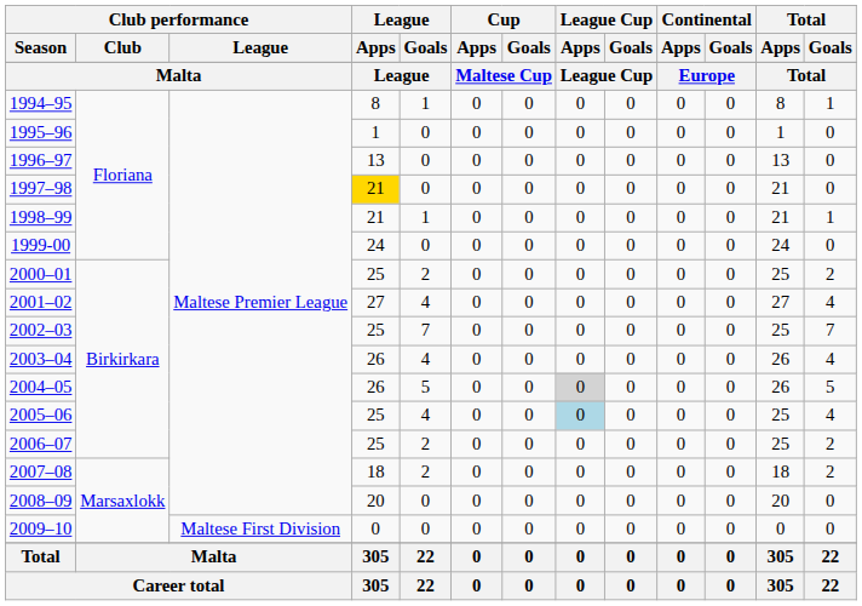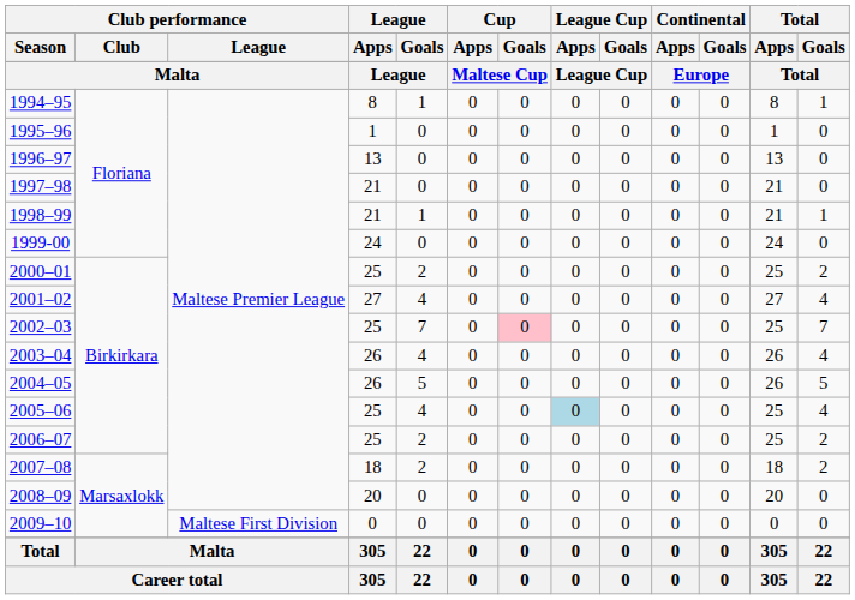 <table class="wikitable" style="text-align:center">
 <tr>
 <th colspan=3>Club performance</th>
 <th colspan=2>League</th>
 <th colspan=2>Cup</th>
 <th colspan=2>League Cup</th>
 <th colspan=2>Continental</th>
 <th colspan=2>Total</th>
 </tr>
 <tr>
 <th>Season</th>
 <th>Club</th>
 <th>League</th>
 <th>Apps</th>
 <th>Goals</th>
 <th>Apps</th>
 <th>Goals</th>
 <th>Apps</th>
 <th>Goals</th>
 <th>Apps</th>
 <th>Goals</th>
 <th>Apps</th>
 <th>Goals</th>
 </tr>
 <tr>
 </tr>
 <tr>
 <th colspan=3>Malta</th>
 <th colspan=2>League</th>
 <th colspan=2><a href='#'>Maltese Cup</a></th>
 <th colspan=2>League Cup</th>
 <th colspan=2><a href='#'>Europe</a></th>
 <th colspan=2>Total</th>
 </tr>
 <tr>
 <td><a href='#'>1994–95</a></td>
 <td rowspan="6"><a href='#'>Floriana</a></td>
 <td rowspan="15"><a href='#'>Maltese Premier League</a></td>
 <td>8</td>
 <td>1</td>
 <td>0</td>
 <td>0</td>
 <td>0</td>
 <td>0</td>
 <td>0</td>
 <td>0</td>
 <td>8</td>
 <td>1</td>
 </tr>
 <tr>
 <td><a href='#'>1995–96</a></td>
 <td>1</td>
 <td>0</td>
 <td>0</td>
 <td>0</td>
 <td>0</td>
 <td>0</td>
 <td>0</td>
 <td>0</td>
 <td>1</td>
 <td>0</td>
 </tr>
 <tr>
 <td><a href='#'>1996–97</a></td>
 <td>13</td>
 <td>0</td>
 <td>0</td>
 <td>0</td>
 <td>0</td>
 <td>0</td>
 <td>0</td>
 <td>0</td>
 <td>13</td>
 <td>0</td>
 </tr>
 <tr>
 <td><a href='#'>1997–98</a></td>
-<td style="background: gold;">21</td>
+<td>21</td>
 <td>0</td>
 <td>0</td>
 <td>0</td>
 <td>0</td>
 <td>0</td>
 <td>0</td>
 <td>0</td>
 <td>21</td>
 <td>0</td>
 </tr>
 <tr>
 <td><a href='#'>1998–99</a></td>
 <td>21</td>
 <td>1</td>
 <td>0</td>
 <td>0</td>
 <td>0</td>
 <td>0</td>
 <td>0</td>
 <td>0</td>
 <td>21</td>
 <td>1</td>
 </tr>
 <tr>
 <td><a href='#'>1999-00</a></td>
 <td>24</td>
 <td>0</td>
 <td>0</td>
 <td>0</td>
 <td>0</td>
 <td>0</td>
 <td>0</td>
 <td>0</td>
 <td>24</td>
 <td>0</td>
 </tr>
 <tr>
 <td><a href='#'>2000–01</a></td>
 <td rowspan="7"><a href='#'>Birkirkara</a></td>
 <td>25</td>
 <td>2</td>
 <td>0</td>
 <td>0</td>
 <td>0</td>
 <td>0</td>
 <td>0</td>
 <td>0</td>
 <td>25</td>
 <td>2</td>
 </tr>
 <tr>
 <td><a href='#'>2001–02</a></td>
 <td>27</td>
 <td>4</td>
 <td>0</td>
 <td>0</td>
 <td>0</td>
 <td>0</td>
 <td>0</td>
 <td>0</td>
 <td>27</td>
 <td>4</td>
 </tr>
 <tr>
 <td><a href='#'>2002–03</a></td>
 <td>25</td>
 <td>7</td>
 <td>0</td>
-<td>0</td>
+<td style="background: pink;">0</td>
 <td>0</td>
 <td>0</td>
 <td>0</td>
 <td>0</td>
 <td>25</td>
 <td>7</td>
 </tr>
 <tr>
 <td><a href='#'>2003–04</a></td>
 <td>26</td>
 <td>4</td>
 <td>0</td>
 <td>0</td>
 <td>0</td>
 <td>0</td>
 <td>0</td>
 <td>0</td>
 <td>26</td>
 <td>4</td>
 </tr>
 <tr>
 <td><a href='#'>2004–05</a></td>
 <td>26</td>
 <td>5</td>
 <td>0</td>
 <td>0</td>
-<td style="background: lightgrey;">0</td>
+<td>0</td>
 <td>0</td>
 <td>0</td>
 <td>0</td>
 <td>26</td>
 <td>5</td>
 </tr>
 <tr>
 <td><a href='#'>2005–06</a></td>
 <td>25</td>
 <td>4</td>
 <td>0</td>
 <td>0</td>
 <td style="background: lightblue;">0</td>
 <td>0</td>
 <td>0</td>
 <td>0</td>
 <td>25</td>
 <td>4</td>
 </tr>
 <tr>
 <td><a href='#'>2006–07</a></td>
 <td>25</td>
 <td>2</td>
 <td>0</td>
 <td>0</td>
 <td>0</td>
 <td>0</td>
 <td>0</td>
 <td>0</td>
 <td>25</td>
 <td>2</td>
 </tr>
 <tr>
 <td><a href='#'>2007–08</a></td>
 <td rowspan="3"><a href='#'>Marsaxlokk</a></td>
 <td>18</td>
 <td>2</td>
 <td>0</td>
 <td>0</td>
 <td>0</td>
 <td>0</td>
 <td>0</td>
 <td>0</td>
 <td>18</td>
 <td>2</td>
 </tr>
 <tr>
 <td><a href='#'>2008–09</a></td>
 <td>20</td>
 <td>0</td>
 <td>0</td>
 <td>0</td>
 <td>0</td>
 <td>0</td>
 <td>0</td>
 <td>0</td>
 <td>20</td>
 <td>0</td>
 </tr>
 <tr>
 <td><a href='#'>2009–10</a></td>
 <td rowspan="1"><a href='#'>Maltese First Division</a></td>
 <td>0</td>
 <td>0</td>
 <td>0</td>
 <td>0</td>
 <td>0</td>
 <td>0</td>
 <td>0</td>
 <td>0</td>
 <td>0</td>
 <td>0</td>
 </tr>
 <tr>
 </tr>
 <tr>
 <th rowspan=1>Total</th>
 <th colspan=2>Malta</th>
 <th>305</th>
 <th>22</th>
 <th>0</th>
 <th>0</th>
 <th>0</th>
 <th>0</th>
 <th>0</th>
 <th>0</th>
 <th>305</th>
 <th>22</th>
 </tr>
 <tr>
 <th colspan=3>Career total</th>
 <th>305</th>
 <th>22</th>
 <th>0</th>
 <th>0</th>
 <th>0</th>
 <th>0</th>
 <th>0</th>
 <th>0</th>
 <th>305</th>
 <th>22</th>
 </tr>
 </table>
